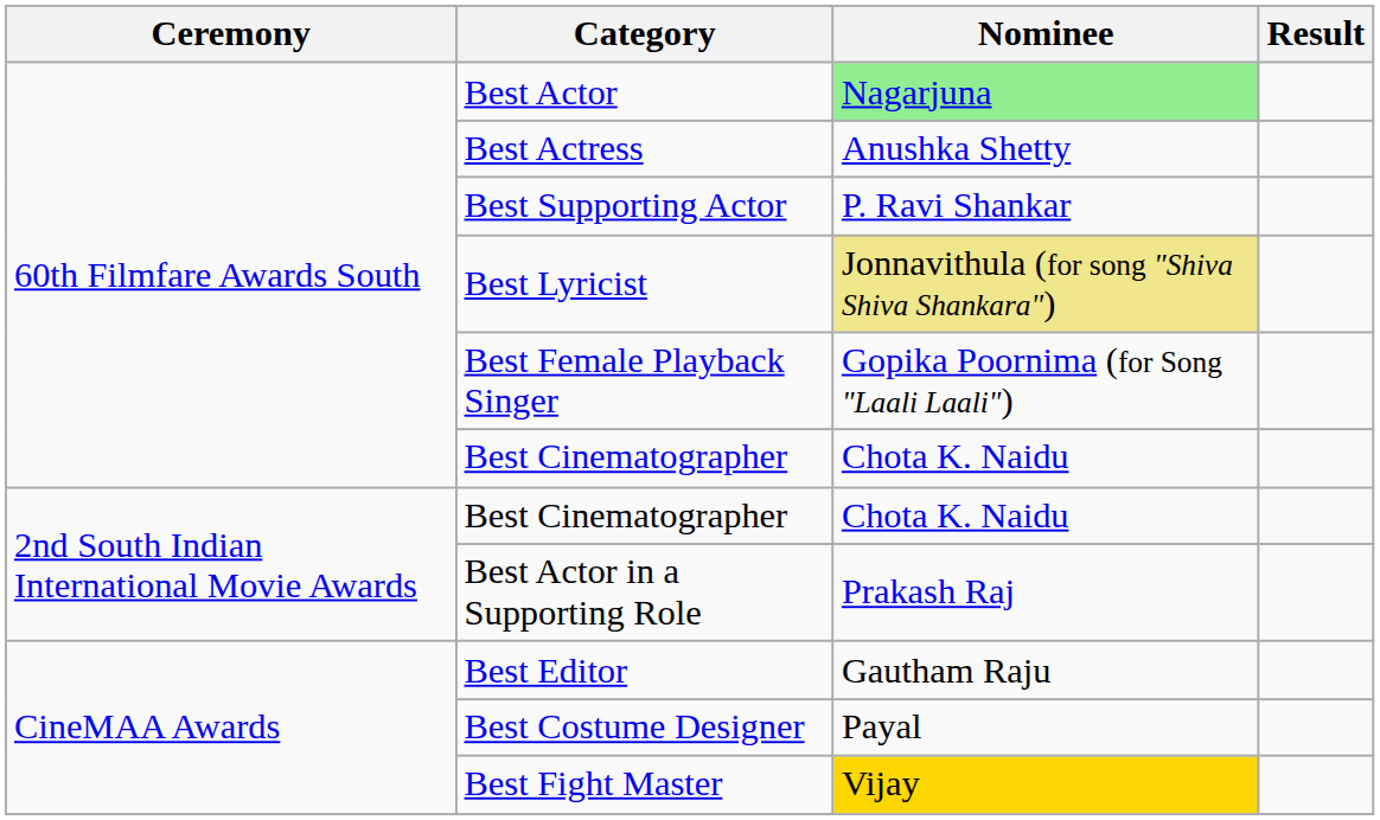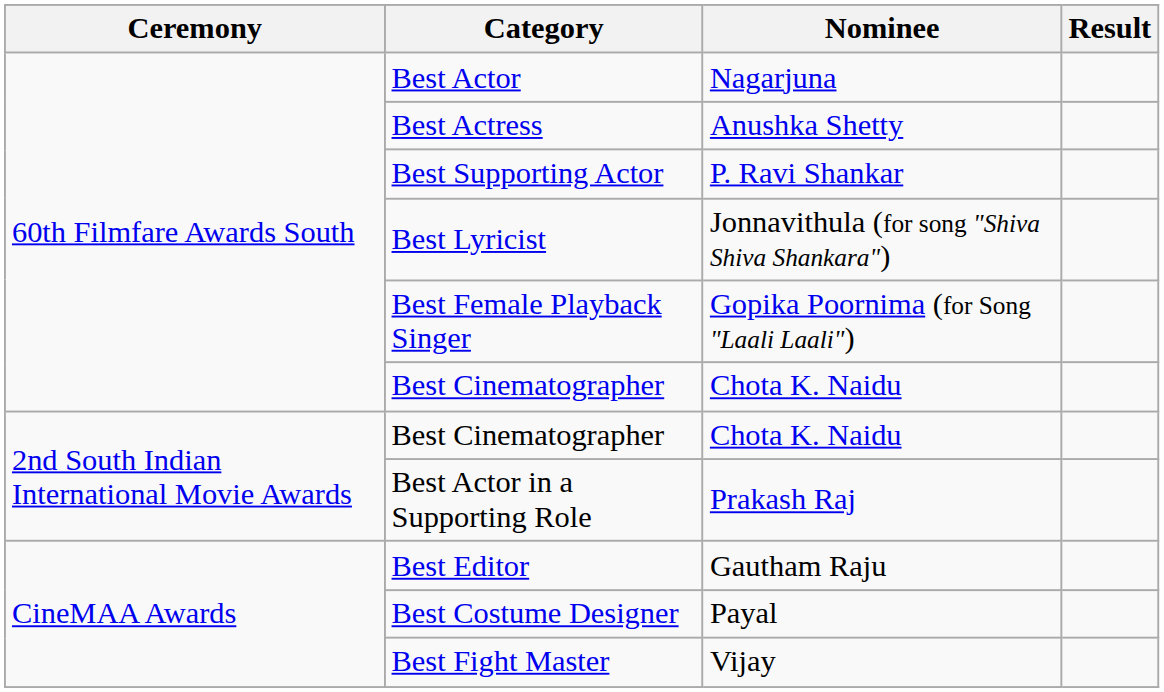 <table class="wikitable">
 <tr>
 <th>Ceremony</th>
 <th>Category</th>
 <th>Nominee</th>
 <th>Result</th>
 </tr>
 <tr>
 <td rowspan="6"><a href='#'>60th Filmfare Awards South</a></td>
 <td><a href='#'>Best Actor</a></td>
-<td style="background: lightgreen;"><a href='#'>Nagarjuna</a></td>
+<td><a href='#'>Nagarjuna</a></td>
 <td></td>
 </tr>
 <tr>
 <td><a href='#'>Best Actress</a></td>
 <td><a href='#'>Anushka Shetty</a></td>
 <td></td>
 </tr>
 <tr>
 <td><a href='#'>Best Supporting Actor</a></td>
 <td><a href='#'>P. Ravi Shankar</a></td>
 <td></td>
 </tr>
 <tr>
 <td><a href='#'>Best Lyricist</a></td>
-<td style="background: khaki;">Jonnavithula (<small>for song <em>"Shiva Shiva Shankara"</em></small>)</td>
+<td>Jonnavithula (<small>for song <em>"Shiva Shiva Shankara"</em></small>)</td>
 <td></td>
 </tr>
 <tr>
 <td><a href='#'>Best Female Playback Singer</a></td>
 <td><a href='#'>Gopika Poornima</a> (<small>for Song <em>"Laali Laali"</em></small>)</td>
 <td></td>
 </tr>
 <tr>
 <td><a href='#'>Best Cinematographer</a></td>
 <td><a href='#'>Chota K. Naidu</a></td>
 <td></td>
 </tr>
 <tr>
 <td rowspan="2"><a href='#'>2nd South Indian International Movie Awards</a></td>
 <td>Best Cinematographer</td>
 <td><a href='#'>Chota K. Naidu</a></td>
 <td></td>
 </tr>
 <tr>
 <td>Best Actor in a Supporting Role</td>
 <td><a href='#'>Prakash Raj</a></td>
 <td></td>
 </tr>
 <tr>
 <td rowspan="3"><a href='#'>CineMAA Awards</a></td>
 <td><a href='#'>Best Editor</a></td>
 <td>Gautham Raju</td>
 <td></td>
 </tr>
 <tr>
 <td><a href='#'>Best Costume Designer</a></td>
 <td>Payal</td>
 <td></td>
 </tr>
 <tr>
 <td><a href='#'>Best Fight Master</a></td>
-<td style="background: gold;">Vijay</td>
+<td>Vijay</td>
 <td></td>
 </tr>
 </table>
